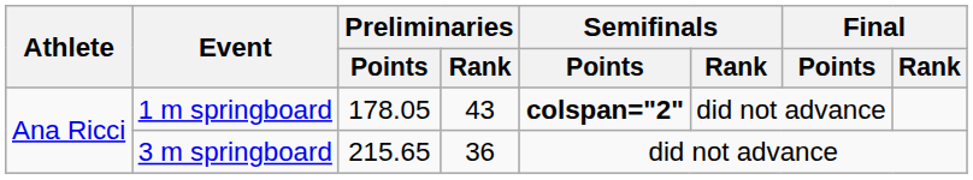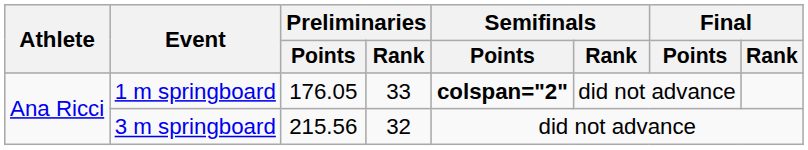 <table class=wikitable style="font-size:90%;">
 <tr>
 <th rowspan="2">Athlete</th>
 <th rowspan="2">Event</th>
 <th colspan="2">Preliminaries</th>
 <th colspan="2">Semifinals</th>
 <th colspan="2">Final</th>
 </tr>
 <tr style="font-size:95%">
 <th>Points</th>
 <th>Rank</th>
 <th>Points</th>
 <th>Rank</th>
 <th>Points</th>
 <th>Rank</th>
 </tr>
 <tr align=center>
 <td align=left rowspan=2><a href='#'>Ana Ricci</a></td>
 <td align=left><a href='#'>1 m springboard</a></td>
-<td>178.05</td>
-<td>43</td>
+<td>176.05</td>
+<td>33</td>
 <td><strong>colspan="2"</strong></td>
 <td colspan="2">did not advance</td>
 </tr>
 <tr align=center>
 <td align=left><a href='#'>3 m springboard</a></td>
-<td>215.65</td>
-<td>36</td>
+<td>215.56</td>
+<td>32</td>
 <td colspan="4">did not advance</td>
 </tr>
 </table>
